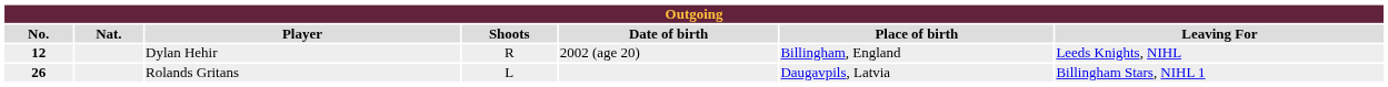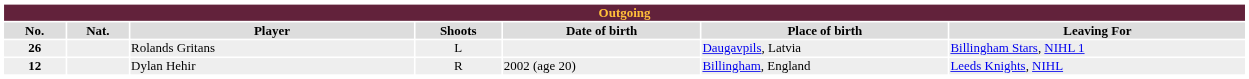 <table class="toccolours" style="width:97%; clear:both; margin:1.5em auto; text-align:center;">
 <tr>
 <th colspan="7" style="background:#62223b; color:#ffbf3a;”">Outgoing</th>
 </tr>
 <tr style="background:#ddd;">
 <th width="5%">No.</th>
 <th width="5%">Nat.</th>
 <th>Player</th>
 <th width="7%">Shoots</th>
 <th width="16%">Date of birth</th>
 <th width="20%">Place of birth</th>
 <th width="24%">Leaving For</th>
 </tr>
 <tr style="background:#eee;">
+<td><strong>26</strong></td>
+<td></td>
+<td align=left>Rolands Gritans</td>
+<td>L</td>
+<td align=left></td>
+<td align=left><a href='#'>Daugavpils</a>, Latvia</td>
+<td align=left><a href='#'>Billingham Stars</a>, <a href='#'>NIHL 1</a></td>
+</tr>
+<tr style="background:#eee;">
 <td><strong>12</strong></td>
 <td></td>
 <td align=left>Dylan Hehir</td>
 <td>R</td>
 <td align=left>2002 (age 20)</td>
 <td align=left><a href='#'>Billingham</a>, England</td>
 <td align=left><a href='#'>Leeds Knights</a>, <a href='#'>NIHL</a></td>
 </tr>
-<tr style="background:#eee;">
-<td><strong>26</strong></td>
-<td></td>
-<td align=left>Rolands Gritans</td>
-<td>L</td>
-<td align=left></td>
-<td align=left><a href='#'>Daugavpils</a>, Latvia</td>
-<td align=left><a href='#'>Billingham Stars</a>, <a href='#'>NIHL 1</a></td>
-</tr>
 </table>
